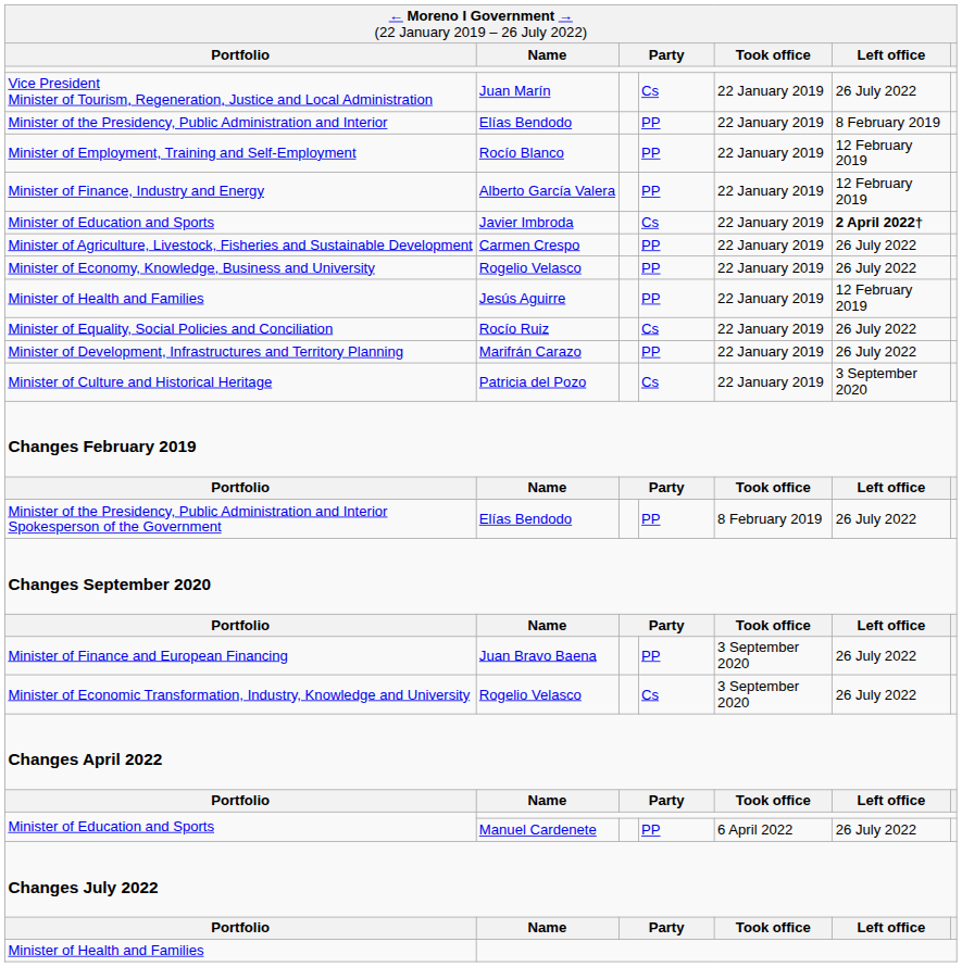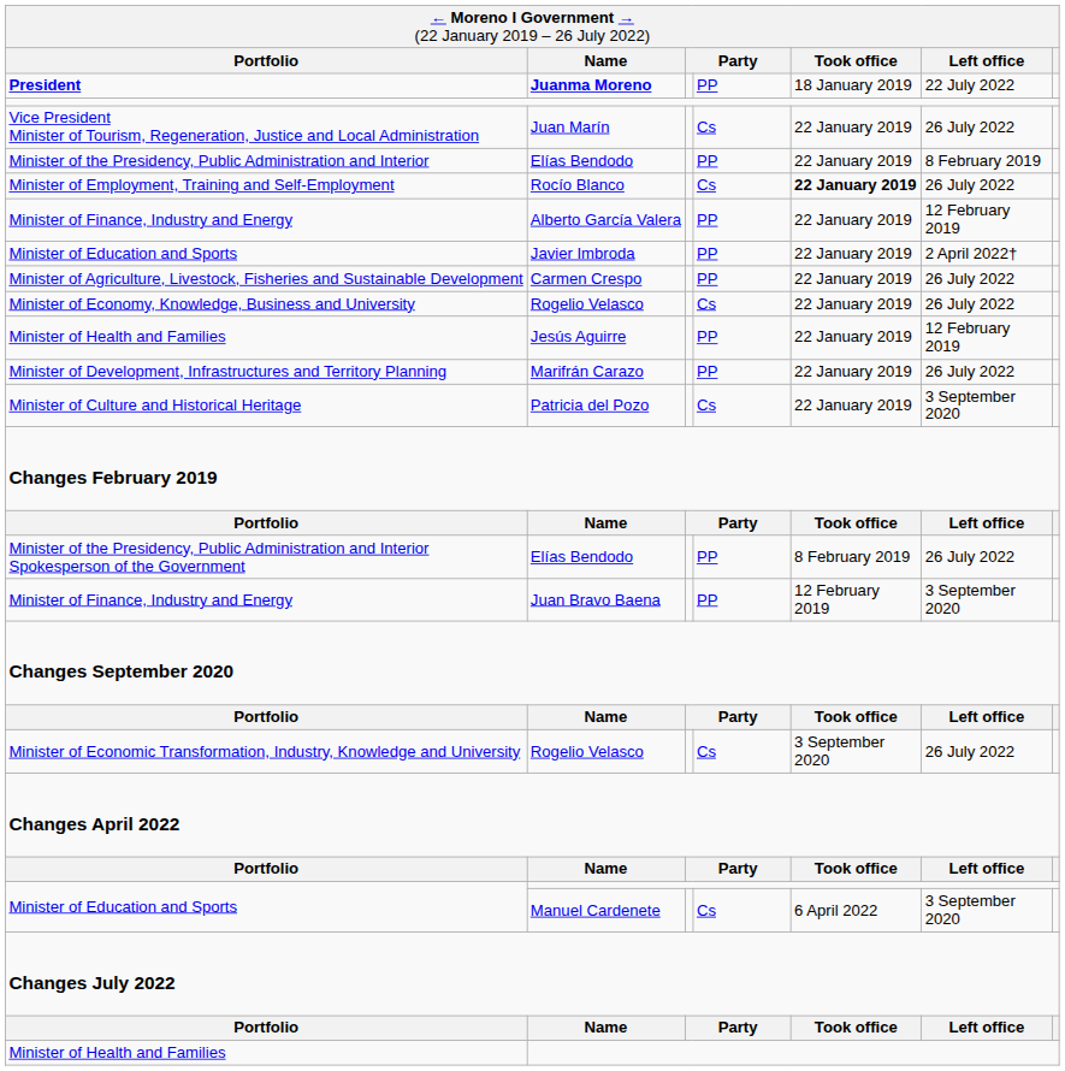 <table class="wikitable">
 <tr>
 <td colspan="7" bgcolor="#F2F2F2" align="center"><a href='#'>←</a> <strong>Moreno I Government</strong> <a href='#'>→</a><br>(22 January 2019 – 26 July 2022)</td>
 </tr>
 <tr>
 <th>Portfolio</th>
 <th>Name</th>
 <th width="100px" colspan="2">Party</th>
 <th width="125px">Took office</th>
 <th width="125px">Left office</th>
 <th></th>
+</tr>
+<tr>
+<td><strong><a href='#'>President</a></strong></td>
+<td><strong><a href='#'>Juanma Moreno</a></strong></td>
+<td width="1" style="background-color:"></td>
+<td><a href='#'>PP</a></td>
+<td>18 January 2019</td>
+<td>22 July 2022</td>
+<td align="center"></td>
 </tr>
 <tr>
 <td colspan="7"></td>
 </tr>
 <tr>
 <td><a href='#'>Vice President</a><br><a href='#'>Minister of Tourism, Regeneration, Justice and Local Administration</a></td>
 <td><a href='#'>Juan Marín</a></td>
 <td style="background-color:"></td>
 <td><a href='#'>Cs</a></td>
 <td>22 January 2019</td>
 <td>26 July 2022</td>
 <td align="center"></td>
 </tr>
 <tr>
 <td><a href='#'>Minister of the Presidency, Public Administration and Interior</a></td>
 <td><a href='#'>Elías Bendodo</a></td>
 <td style="background-color:"></td>
 <td><a href='#'>PP</a></td>
 <td>22 January 2019</td>
 <td>8 February 2019</td>
 <td align="center"></td>
 </tr>
 <tr>
 <td><a href='#'>Minister of Employment, Training and Self-Employment</a></td>
 <td><a href='#'>Rocío Blanco</a></td>
 <td style="background-color:"></td>
-<td><a href='#'>PP</a></td>
-<td>22 January 2019</td>
-<td>12 February 2019</td>
+<td><a href='#'>Cs</a> </td>
+<td><strong>22 January 2019</strong></td>
+<td>26 July 2022</td>
 <td align="center"></td>
 </tr>
 <tr>
 <td><a href='#'>Minister of Finance, Industry and Energy</a></td>
 <td><a href='#'>Alberto García Valera</a></td>
 <td style="background-color:"></td>
 <td><a href='#'>PP</a> </td>
 <td>22 January 2019</td>
 <td>12 February 2019</td>
 <td align="center"></td>
 </tr>
 <tr>
 <td><a href='#'>Minister of Education and Sports</a></td>
 <td><a href='#'>Javier Imbroda</a></td>
 <td style="background-color:"></td>
-<td><a href='#'>Cs</a></td>
+<td><a href='#'>PP</a> </td>
 <td>22 January 2019</td>
-<td><strong>2 April 2022†</strong></td>
+<td>2 April 2022†</td>
 <td align="center"></td>
 </tr>
 <tr>
 <td><a href='#'>Minister of Agriculture, Livestock, Fisheries and Sustainable Development</a></td>
 <td><a href='#'>Carmen Crespo</a></td>
 <td style="background-color:"></td>
 <td><a href='#'>PP</a></td>
 <td>22 January 2019</td>
 <td>26 July 2022</td>
 <td align="center"></td>
 </tr>
 <tr>
 <td><a href='#'>Minister of Economy, Knowledge, Business and University</a></td>
 <td><a href='#'>Rogelio Velasco</a></td>
 <td style="background-color:"></td>
-<td><a href='#'>PP</a></td>
+<td><a href='#'>Cs</a> </td>
 <td>22 January 2019</td>
 <td>26 July 2022</td>
 <td align="center"></td>
 </tr>
 <tr>
 <td><a href='#'>Minister of Health and Families</a></td>
 <td><a href='#'>Jesús Aguirre</a></td>
 <td style="background-color:"></td>
 <td><a href='#'>PP</a></td>
 <td>22 January 2019</td>
 <td>12 February 2019</td>
-<td align="center"></td>
-</tr>
-<tr>
-<td><a href='#'>Minister of Equality, Social Policies and Conciliation</a></td>
-<td><a href='#'>Rocío Ruiz</a></td>
-<td style="background-color:"></td>
-<td><a href='#'>Cs</a></td>
-<td>22 January 2019</td>
-<td>26 July 2022</td>
 <td align="center"></td>
 </tr>
 <tr>
 <td><a href='#'>Minister of Development, Infrastructures and Territory Planning</a></td>
 <td><a href='#'>Marifrán Carazo</a></td>
 <td style="background-color:"></td>
 <td><a href='#'>PP</a></td>
 <td>22 January 2019</td>
 <td>26 July 2022</td>
 <td align="center"></td>
 </tr>
 <tr>
 <td><a href='#'>Minister of Culture and Historical Heritage</a></td>
 <td><a href='#'>Patricia del Pozo</a></td>
 <td style="background-color:"></td>
 <td><a href='#'>Cs</a> </td>
 <td>22 January 2019</td>
 <td>3 September 2020</td>
 <td align="center"></td>
 </tr>
 <tr>
 <td colspan="7"><br><h3>Changes February 2019</h3></td>
 </tr>
 <tr>
 <th>Portfolio</th>
 <th>Name</th>
 <th colspan="2">Party</th>
 <th>Took office</th>
 <th>Left office</th>
 <th></th>
 </tr>
 <tr>
 <td><a href='#'>Minister of the Presidency, Public Administration and Interior</a><br><a href='#'>Spokesperson of the Government</a></td>
 <td><a href='#'>Elías Bendodo</a></td>
 <td style="background-color:"></td>
 <td><a href='#'>PP</a></td>
 <td>8 February 2019</td>
 <td>26 July 2022</td>
 <td align="center"></td>
 </tr>
 <tr>
+<td><a href='#'>Minister of Finance, Industry and Energy</a></td>
+<td><a href='#'>Juan Bravo Baena</a></td>
+<td style="background-color:"></td>
+<td><a href='#'>PP</a></td>
+<td>12 February 2019</td>
+<td>3 September 2020</td>
+<td align="center"></td>
+</tr>
+<tr>
 <td colspan="7"><br><h3>Changes September 2020</h3></td>
 </tr>
 <tr>
 <th>Portfolio</th>
 <th>Name</th>
 <th colspan="2">Party</th>
 <th>Took office</th>
 <th>Left office</th>
 <th></th>
-</tr>
-<tr>
-<td><a href='#'>Minister of Finance and European Financing</a></td>
-<td><a href='#'>Juan Bravo Baena</a></td>
-<td style="background-color:"></td>
-<td><a href='#'>PP</a></td>
-<td>3 September 2020</td>
-<td>26 July 2022</td>
-<td align="center"></td>
 </tr>
 <tr>
 <td><a href='#'>Minister of Economic Transformation, Industry, Knowledge and University</a></td>
 <td><a href='#'>Rogelio Velasco</a></td>
 <td style="background-color:"></td>
 <td><a href='#'>Cs</a> </td>
 <td>3 September 2020</td>
 <td>26 July 2022</td>
 <td align="center"></td>
 </tr>
 <tr>
 <td colspan="7"><br><h3>Changes April 2022</h3></td>
 </tr>
 <tr>
 <th>Portfolio</th>
 <th>Name</th>
 <th colspan="2">Party</th>
 <th>Took office</th>
 <th>Left office</th>
 <th></th>
 </tr>
 <tr>
 <td rowspan="2"><a href='#'>Minister of Education and Sports</a></td>
 <td colspan="6"></td>
 </tr>
 <tr>
 <td><a href='#'>Manuel Cardenete</a></td>
 <td style="background-color:"></td>
-<td><a href='#'>PP</a> </td>
+<td><a href='#'>Cs</a></td>
 <td>6 April 2022</td>
-<td>26 July 2022</td>
+<td>3 September 2020</td>
 <td align="center"></td>
 </tr>
 <tr>
 <td colspan="7"><br><h3>Changes July 2022</h3></td>
 </tr>
 <tr>
 <th>Portfolio</th>
 <th>Name</th>
 <th colspan="2">Party</th>
 <th>Took office</th>
 <th>Left office</th>
 <th></th>
 </tr>
 <tr>
 <td rowspan="2"><a href='#'>Minister of Health and Families</a></td>
 <td colspan="6"></td>
 </tr>
 </table>
